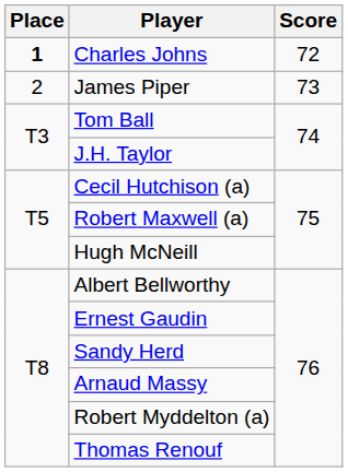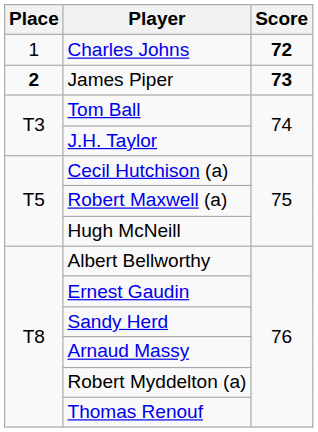 <table class=wikitable>
 <tr>
 <th>Place</th>
 <th>Player</th>
 <th>Score</th>
 </tr>
 <tr>
-<td align=center><strong>1</strong></td>
+<td align=center>1</td>
 <td> <a href='#'>Charles Johns</a></td>
-<td align=center>72</td>
+<td align=center><strong>72</strong></td>
 </tr>
 <tr>
-<td align=center>2</td>
+<td align=center><strong>2</strong></td>
 <td> James Piper</td>
-<td align=center>73</td>
+<td align=center><strong>73</strong></td>
 </tr>
 <tr>
 <td rowspan=2 align=center>T3</td>
 <td> <a href='#'>Tom Ball</a></td>
 <td rowspan=2 align=center>74</td>
 </tr>
 <tr>
 <td> <a href='#'>J.H. Taylor</a></td>
 </tr>
 <tr>
 <td rowspan=3 align=center>T5</td>
 <td> <a href='#'>Cecil Hutchison</a> (a)</td>
 <td rowspan=3 align=center>75</td>
 </tr>
 <tr>
 <td> <a href='#'>Robert Maxwell</a> (a)</td>
 </tr>
 <tr>
 <td> Hugh McNeill</td>
 </tr>
 <tr>
 <td rowspan=6 align=center>T8</td>
 <td> Albert Bellworthy</td>
 <td rowspan=6 align=center>76</td>
 </tr>
 <tr>
 <td> <a href='#'>Ernest Gaudin</a></td>
 </tr>
 <tr>
 <td> <a href='#'>Sandy Herd</a></td>
 </tr>
 <tr>
 <td> <a href='#'>Arnaud Massy</a></td>
 </tr>
 <tr>
 <td> Robert Myddelton (a)</td>
 </tr>
 <tr>
 <td> <a href='#'>Thomas Renouf</a></td>
 </tr>
 </table>
